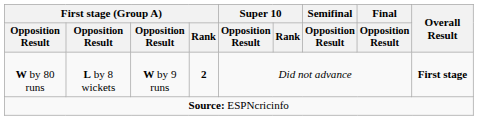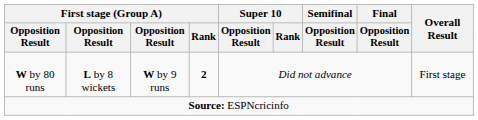 <table class=wikitable style=font-size:90%;text-align:center>
 <tr>
 <th colspan=4>First stage (Group A)</th>
 <th colspan=2>Super 10</th>
 <th>Semifinal</th>
 <th>Final</th>
 <th rowspan=2>Overall Result</th>
 </tr>
 <tr style=font-size:95%>
 <th>Opposition<br>Result</th>
 <th>Opposition<br>Result</th>
 <th>Opposition<br>Result</th>
 <th>Rank</th>
 <th>Opposition<br>Result</th>
 <th>Rank</th>
 <th>Opposition<br>Result</th>
 <th>Opposition<br>Result</th>
 </tr>
 <tr>
 <td><br><strong>W</strong> by 80 runs</td>
 <td><br><strong>L</strong> by 8 wickets</td>
 <td><br><strong>W</strong> by 9 runs</td>
 <td><strong>2</strong></td>
 <td colspan="4"><em>Did not advance</em></td>
-<td><strong>First stage</strong></td>
+<td>First stage</td>
 </tr>
 <tr>
 <td colspan="14"><strong>Source:</strong> ESPNcricinfo</td>
 </tr>
 </table>
